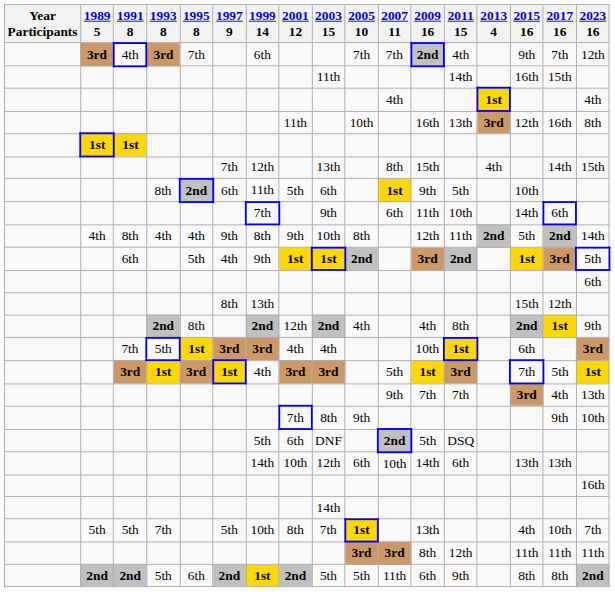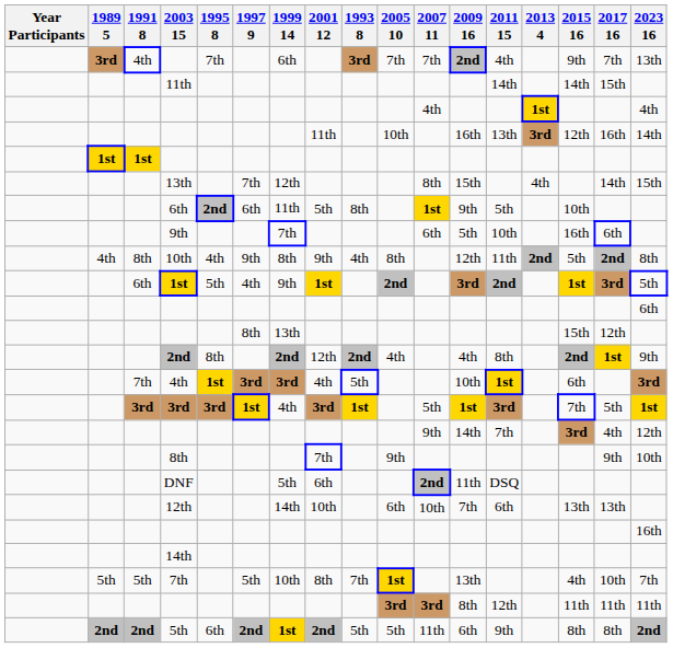 <table class="wikitable" style="text-align:center; font-size:90%">
 <tr>
 <th>Year <br> Participants</th>
 <th><a href='#'>1989</a> <br> 5</th>
 <th><a href='#'>1991</a> <br> 8</th>
-<th><a href='#'>1993</a> <br> 8</th>
+<th><a href='#'>2003</a> <br> 15</th>
 <th><a href='#'>1995</a> <br> 8</th>
 <th><a href='#'>1997</a> <br> 9</th>
 <th><a href='#'>1999</a> <br> 14</th>
 <th><a href='#'>2001</a> <br> 12</th>
-<th><a href='#'>2003</a> <br> 15</th>
+<th><a href='#'>1993</a> <br> 8</th>
 <th><a href='#'>2005</a> <br> 10</th>
 <th><a href='#'>2007</a> <br> 11</th>
 <th><a href='#'>2009</a> <br> 16</th>
 <th><a href='#'>2011</a> <br> 15</th>
 <th><a href='#'>2013</a> <br> 4</th>
 <th><a href='#'>2015</a> <br> 16</th>
 <th><a href='#'>2017</a> <br> 16</th>
 <th><a href='#'>2023</a> <br> 16</th>
 </tr>
 <tr>
 <td align=left></td>
 <td style="background:#c96;"><strong>3rd</strong></td>
 <td style="border: 2px solid blue">4th</td>
-<td style="background:#c96;"><strong>3rd</strong></td>
+<td></td>
 <td>7th</td>
 <td></td>
 <td>6th</td>
 <td></td>
-<td></td>
+<td style="background:#c96;"><strong>3rd</strong></td>
 <td>7th</td>
 <td>7th</td>
 <td style="border: 2px solid blue" bgcolor=silver><strong>2nd</strong></td>
 <td>4th</td>
 <td></td>
 <td>9th</td>
 <td>7th</td>
-<td>12th</td>
+<td>13th</td>
 </tr>
 <tr>
 <td align=left></td>
+<td></td>
+<td></td>
+<td>11th</td>
 <td></td>
 <td></td>
 <td></td>
 <td></td>
 <td></td>
 <td></td>
 <td></td>
-<td>11th</td>
-<td></td>
-<td></td>
 <td></td>
 <td>14th</td>
 <td></td>
-<td>16th</td>
+<td>14th</td>
 <td>15th</td>
 <td></td>
 </tr>
 <tr>
 <td align=left></td>
 <td></td>
 <td></td>
 <td></td>
 <td></td>
 <td></td>
 <td></td>
 <td></td>
 <td></td>
 <td></td>
 <td>4th</td>
 <td></td>
 <td></td>
 <td style="border: 2px solid blue" bgcolor=gold><strong>1st</strong></td>
 <td></td>
 <td></td>
 <td>4th</td>
 </tr>
 <tr>
 <td align=left></td>
 <td></td>
 <td></td>
 <td></td>
 <td></td>
 <td></td>
 <td></td>
 <td>11th</td>
 <td></td>
 <td>10th</td>
 <td></td>
 <td>16th</td>
 <td>13th</td>
 <td style="background:#c96;"><strong>3rd</strong></td>
 <td>12th</td>
 <td>16th</td>
-<td>8th</td>
+<td>14th</td>
 </tr>
 <tr>
 <td align=left></td>
 <td style="border: 2px solid blue" bgcolor=gold><strong>1st</strong></td>
 <td bgcolor=gold><strong>1st</strong></td>
 <td></td>
 <td></td>
 <td></td>
 <td></td>
 <td></td>
 <td></td>
 <td></td>
 <td></td>
 <td></td>
 <td></td>
 <td></td>
 <td></td>
 <td></td>
 <td></td>
 </tr>
 <tr>
 <td align=left></td>
 <td></td>
 <td></td>
-<td></td>
+<td>13th</td>
 <td></td>
 <td>7th</td>
 <td>12th</td>
 <td></td>
-<td>13th</td>
+<td></td>
 <td></td>
 <td>8th</td>
 <td>15th</td>
 <td></td>
 <td>4th</td>
 <td></td>
 <td>14th</td>
 <td>15th</td>
 </tr>
 <tr>
 <td align=left></td>
 <td></td>
 <td></td>
-<td>8th</td>
+<td>6th</td>
 <td style="border: 2px solid blue" bgcolor=silver><strong>2nd</strong></td>
 <td>6th</td>
 <td>11th</td>
 <td>5th</td>
-<td>6th</td>
+<td>8th</td>
 <td></td>
 <td bgcolor=gold><strong>1st</strong></td>
 <td>9th</td>
 <td>5th</td>
 <td></td>
 <td>10th</td>
 <td></td>
 <td></td>
 </tr>
 <tr>
 <td align=left></td>
 <td></td>
 <td></td>
-<td></td>
+<td>9th</td>
 <td></td>
 <td></td>
 <td style="border: 2px solid blue">7th</td>
 <td></td>
-<td>9th</td>
+<td></td>
 <td></td>
 <td>6th</td>
-<td>11th</td>
+<td>5th</td>
 <td>10th</td>
 <td></td>
-<td>14th</td>
+<td>16th</td>
 <td style="border: 2px solid blue">6th</td>
 <td></td>
 </tr>
 <tr>
 <td align=left></td>
 <td>4th</td>
 <td>8th</td>
-<td>4th</td>
+<td>10th</td>
 <td>4th</td>
 <td>9th</td>
 <td>8th</td>
 <td>9th</td>
-<td>10th</td>
+<td>4th</td>
 <td>8th</td>
 <td></td>
 <td>12th</td>
 <td>11th</td>
 <td bgcolor=silver><strong>2nd</strong></td>
 <td>5th</td>
 <td bgcolor=silver><strong>2nd</strong></td>
-<td>14th</td>
+<td>8th</td>
 </tr>
 <tr>
 <td align=left></td>
 <td></td>
 <td>6th</td>
-<td></td>
+<td style="border: 2px solid blue" bgcolor=gold><strong>1st</strong></td>
 <td>5th</td>
 <td>4th</td>
 <td>9th</td>
 <td bgcolor=gold><strong>1st</strong></td>
-<td style="border: 2px solid blue" bgcolor=gold><strong>1st</strong></td>
+<td></td>
 <td style="background:silver;"><strong>2nd</strong></td>
 <td></td>
 <td style="background:#c96;"><strong>3rd</strong></td>
 <td bgcolor=silver><strong>2nd</strong></td>
 <td></td>
 <td bgcolor=gold><strong>1st</strong></td>
 <td style="background:#c96;"><strong>3rd</strong></td>
 <td style="border: 2px solid blue">5th</td>
 </tr>
 <tr>
 <td align=left></td>
 <td></td>
 <td></td>
 <td></td>
 <td></td>
 <td></td>
 <td></td>
 <td></td>
 <td></td>
 <td></td>
 <td></td>
 <td></td>
 <td></td>
 <td></td>
 <td></td>
 <td></td>
 <td>6th</td>
 </tr>
 <tr>
 <td align=left></td>
 <td></td>
 <td></td>
 <td></td>
 <td></td>
 <td>8th</td>
 <td>13th</td>
 <td></td>
 <td></td>
 <td></td>
 <td></td>
 <td></td>
 <td></td>
 <td></td>
 <td>15th</td>
 <td>12th</td>
 <td></td>
 </tr>
 <tr>
 <td align=left></td>
 <td></td>
 <td></td>
 <td style="background:silver;"><strong>2nd</strong></td>
 <td>8th</td>
 <td></td>
 <td style="background:silver;"><strong>2nd</strong></td>
 <td>12th</td>
 <td style="background:silver;"><strong>2nd</strong></td>
 <td>4th</td>
 <td></td>
 <td>4th</td>
 <td>8th</td>
 <td></td>
 <td style="background:silver;"><strong>2nd</strong></td>
 <td bgcolor=gold><strong>1st</strong></td>
 <td>9th</td>
 </tr>
 <tr>
 <td align=left></td>
 <td></td>
 <td>7th</td>
-<td style="border: 2px solid blue">5th</td>
+<td>4th</td>
 <td bgcolor="gold"><strong>1st</strong></td>
 <td style="background:#c96;"><strong>3rd</strong></td>
 <td style="background:#c96;"><strong>3rd</strong></td>
 <td>4th</td>
-<td>4th</td>
+<td style="border: 2px solid blue">5th</td>
 <td></td>
 <td></td>
 <td>10th</td>
 <td style="border: 2px solid blue" bgcolor=gold><strong>1st</strong></td>
 <td></td>
 <td>6th</td>
 <td></td>
 <td style="background:#c96;"><strong>3rd</strong></td>
 </tr>
 <tr>
 <td align=left></td>
 <td></td>
 <td style="background:#c96;"><strong>3rd</strong></td>
-<td bgcolor=gold><strong>1st</strong></td>
+<td style="background:#c96;"><strong>3rd</strong></td>
 <td style="background:#c96;"><strong>3rd</strong></td>
 <td style="border: 2px solid blue" bgcolor=gold><strong>1st</strong></td>
 <td>4th</td>
 <td style="background:#c96;"><strong>3rd</strong></td>
-<td style="background:#c96;"><strong>3rd</strong></td>
+<td bgcolor=gold><strong>1st</strong></td>
 <td></td>
 <td>5th</td>
 <td bgcolor=gold><strong>1st</strong></td>
 <td style="background:#c96;"><strong>3rd</strong></td>
 <td></td>
 <td style="border: 2px solid blue">7th</td>
 <td>5th</td>
 <td bgcolor=gold><strong>1st</strong></td>
 </tr>
 <tr>
 <td align=left></td>
 <td></td>
 <td></td>
 <td></td>
 <td></td>
 <td></td>
 <td></td>
 <td></td>
 <td></td>
 <td></td>
 <td>9th</td>
-<td>7th</td>
+<td>14th</td>
 <td>7th</td>
 <td></td>
 <td style="background:#c96;"><strong>3rd</strong></td>
 <td>4th</td>
-<td>13th</td>
+<td>12th</td>
 </tr>
 <tr>
 <td align=left></td>
 <td></td>
 <td></td>
-<td></td>
+<td>8th</td>
 <td></td>
 <td></td>
 <td></td>
 <td style="border: 2px solid blue">7th</td>
-<td>8th</td>
+<td></td>
 <td>9th</td>
 <td></td>
 <td></td>
 <td></td>
 <td></td>
 <td></td>
 <td>9th</td>
 <td>10th</td>
 </tr>
 <tr>
 <td align=left></td>
 <td></td>
 <td></td>
-<td></td>
+<td>DNF</td>
 <td></td>
 <td></td>
 <td>5th</td>
 <td>6th</td>
-<td>DNF</td>
+<td></td>
 <td></td>
 <td style="border: 2px solid blue" bgcolor=silver><strong>2nd</strong></td>
-<td>5th</td>
+<td>11th</td>
 <td>DSQ</td>
 <td></td>
 <td></td>
 <td></td>
 <td></td>
 </tr>
 <tr>
 <td align=left></td>
 <td></td>
 <td></td>
-<td></td>
+<td>12th</td>
 <td></td>
 <td></td>
 <td>14th</td>
 <td>10th</td>
-<td>12th</td>
+<td></td>
 <td>6th</td>
 <td>10th</td>
-<td>14th</td>
+<td>7th</td>
 <td>6th</td>
 <td></td>
 <td>13th</td>
 <td>13th</td>
 <td></td>
 </tr>
 <tr>
 <td align=left></td>
 <td></td>
 <td></td>
 <td></td>
 <td></td>
 <td></td>
 <td></td>
 <td></td>
 <td></td>
 <td></td>
 <td></td>
 <td></td>
 <td></td>
 <td></td>
 <td></td>
 <td></td>
 <td>16th</td>
 </tr>
 <tr>
 <td align=left></td>
 <td></td>
 <td></td>
+<td>14th</td>
 <td></td>
 <td></td>
 <td></td>
 <td></td>
 <td></td>
-<td>14th</td>
 <td></td>
 <td></td>
 <td></td>
 <td></td>
 <td></td>
 <td></td>
 <td></td>
 <td></td>
 </tr>
 <tr>
 <td align=left></td>
 <td>5th</td>
 <td>5th</td>
 <td>7th</td>
 <td></td>
 <td>5th</td>
 <td>10th</td>
 <td>8th</td>
 <td>7th</td>
 <td style="border: 2px solid blue" bgcolor=gold><strong>1st</strong></td>
 <td></td>
 <td>13th</td>
 <td></td>
 <td></td>
 <td>4th</td>
 <td>10th</td>
 <td>7th</td>
 </tr>
 <tr>
 <td align=left></td>
 <td></td>
 <td></td>
 <td></td>
 <td></td>
 <td></td>
 <td></td>
 <td></td>
 <td></td>
 <td style="background:#c96;"><strong>3rd</strong></td>
 <td style="background:#c96;"><strong>3rd</strong></td>
 <td>8th</td>
 <td>12th</td>
 <td></td>
 <td>11th</td>
 <td>11th</td>
 <td>11th</td>
 </tr>
 <tr>
 <td align=left></td>
 <td style="background:silver;"><strong>2nd</strong></td>
 <td style="background:silver;"><strong>2nd</strong></td>
 <td>5th</td>
 <td>6th</td>
 <td style="background:silver;"><strong>2nd</strong></td>
 <td bgcolor=gold><strong>1st</strong></td>
 <td style="background:silver;"><strong>2nd</strong></td>
 <td>5th</td>
 <td>5th</td>
 <td>11th</td>
 <td>6th</td>
 <td>9th</td>
 <td></td>
 <td>8th</td>
 <td>8th</td>
 <td style="background:silver;"><strong>2nd</strong></td>
 </tr>
 </table>
